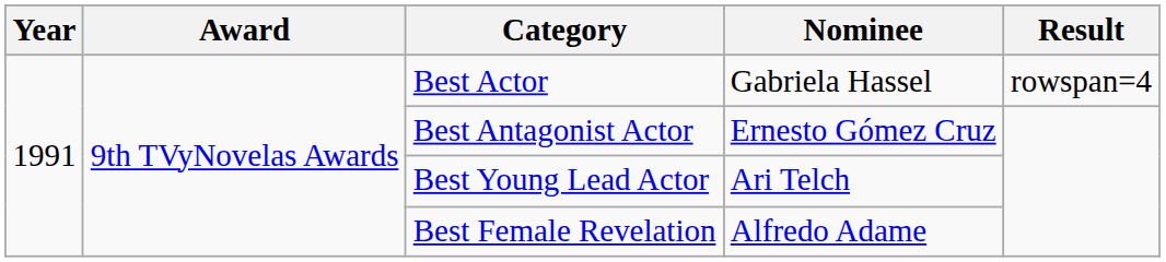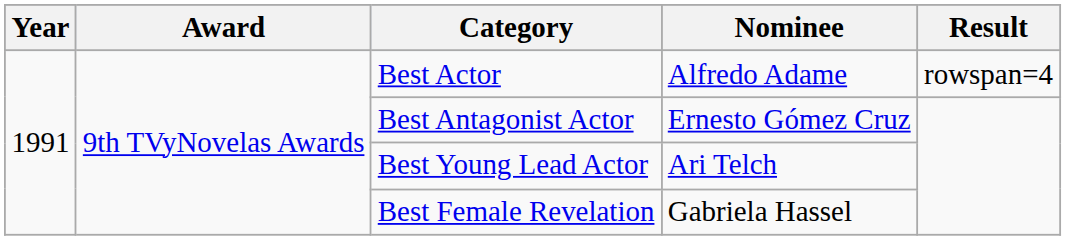 <table class="wikitable">
 <tr style="background:#b0c4de;">
 <th>Year</th>
 <th>Award</th>
 <th>Category</th>
 <th>Nominee</th>
 <th>Result</th>
 </tr>
 <tr>
 <td rowspan=4>1991</td>
 <td rowspan=4><a href='#'>9th TVyNovelas Awards</a></td>
 <td><a href='#'>Best Actor</a></td>
-<td>Gabriela Hassel</td>
+<td><a href='#'>Alfredo Adame</a></td>
 <td>rowspan=4 </td>
 </tr>
 <tr>
 <td><a href='#'>Best Antagonist Actor</a></td>
 <td><a href='#'>Ernesto Gómez Cruz</a></td>
 </tr>
 <tr>
 <td><a href='#'>Best Young Lead Actor</a></td>
 <td><a href='#'>Ari Telch</a></td>
 </tr>
 <tr>
 <td><a href='#'>Best Female Revelation</a></td>
-<td><a href='#'>Alfredo Adame</a></td>
+<td>Gabriela Hassel</td>
 </tr>
 </table>
